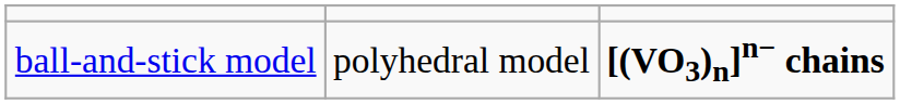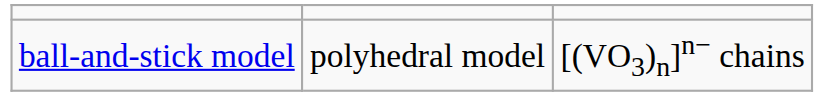 <table class="wikitable" style="margin:1em auto; text-align:center;">
 <tr>
 <td></td>
 <td></td>
 <td></td>
 </tr>
 <tr>
 <td><a href='#'>ball-and-stick model</a></td>
 <td>polyhedral model</td>
-<td><strong>[(VO<sub>3</sub>)<sub>n</sub>]<sup>n−</sup> chains</strong></td>
+<td>[(VO<sub>3</sub>)<sub>n</sub>]<sup>n−</sup> chains</td>
 </tr>
 </table>
